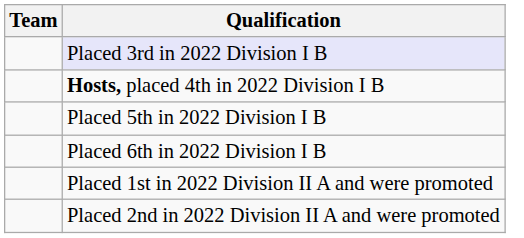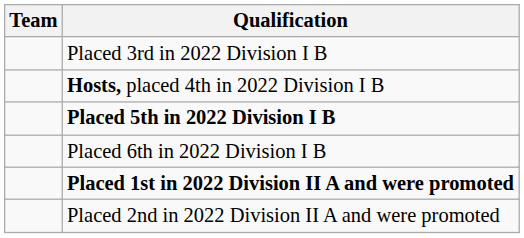 <table class="wikitable">
 <tr>
 <th>Team</th>
 <th>Qualification</th>
 </tr>
 <tr>
 <td></td>
-<td style="background: lavender;">Placed 3rd in 2022 Division I B</td>
+<td>Placed 3rd in 2022 Division I B</td>
 </tr>
 <tr>
 <td></td>
 <td><strong>Hosts,</strong> placed 4th in 2022 Division I B</td>
 </tr>
 <tr>
 <td></td>
-<td>Placed 5th in 2022 Division I B</td>
+<td><strong>Placed 5th in 2022 Division I B</strong></td>
 </tr>
 <tr>
 <td></td>
 <td>Placed 6th in 2022 Division I B</td>
 </tr>
 <tr>
 <td></td>
-<td>Placed 1st in 2022 Division II A and were promoted</td>
+<td><strong>Placed 1st in 2022 Division II A and were promoted</strong></td>
 </tr>
 <tr>
 <td></td>
 <td>Placed 2nd in 2022 Division II A and were promoted</td>
 </tr>
 </table>
